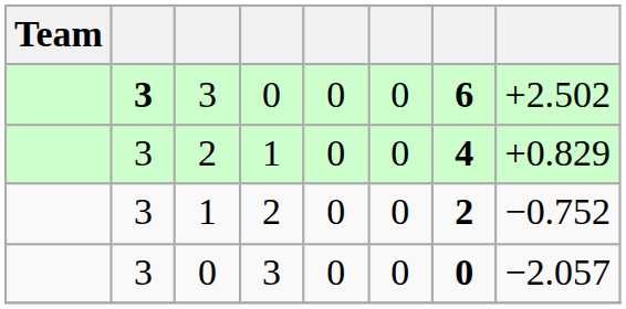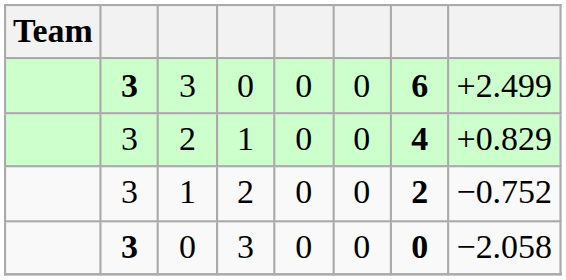 <table class="wikitable" style="text-align:center">
 <tr>
 <th>Team</th>
 <th style="width:20px;"></th>
 <th style="width:20px;"></th>
 <th style="width:20px;"></th>
 <th style="width:20px;"></th>
 <th style="width:20px;"></th>
 <th style="width:20px;"></th>
 <th style="width:45px;"></th>
 </tr>
 <tr style="background:#cfc;">
 <td style="text-align:left"></td>
 <td><strong>3</strong></td>
 <td>3</td>
 <td>0</td>
 <td>0</td>
 <td>0</td>
 <td><strong>6</strong></td>
-<td>+2.502</td>
+<td>+2.499</td>
 </tr>
 <tr style="background:#cfc;">
 <td style="text-align:left"></td>
 <td>3</td>
 <td>2</td>
 <td>1</td>
 <td>0</td>
 <td>0</td>
 <td><strong>4</strong></td>
 <td>+0.829</td>
 </tr>
 <tr>
 <td style="text-align:left"></td>
 <td>3</td>
 <td>1</td>
 <td>2</td>
 <td>0</td>
 <td>0</td>
 <td><strong>2</strong></td>
 <td>−0.752</td>
 </tr>
 <tr>
 <td style="text-align:left"></td>
-<td>3</td>
+<td><strong>3</strong></td>
 <td>0</td>
 <td>3</td>
 <td>0</td>
 <td>0</td>
 <td><strong>0</strong></td>
-<td>−2.057</td>
+<td>−2.058</td>
 </tr>
 <tr>
 </tr>
 </table>
